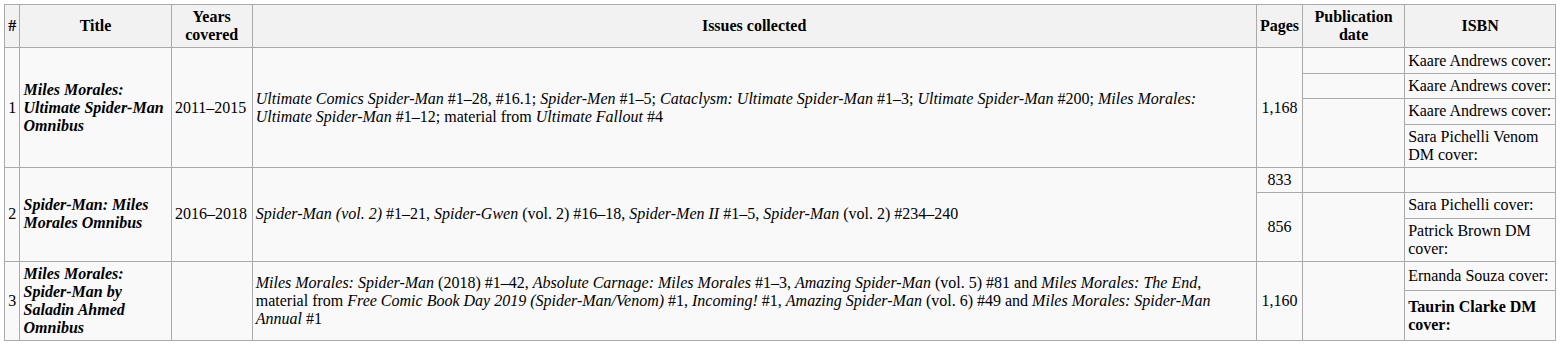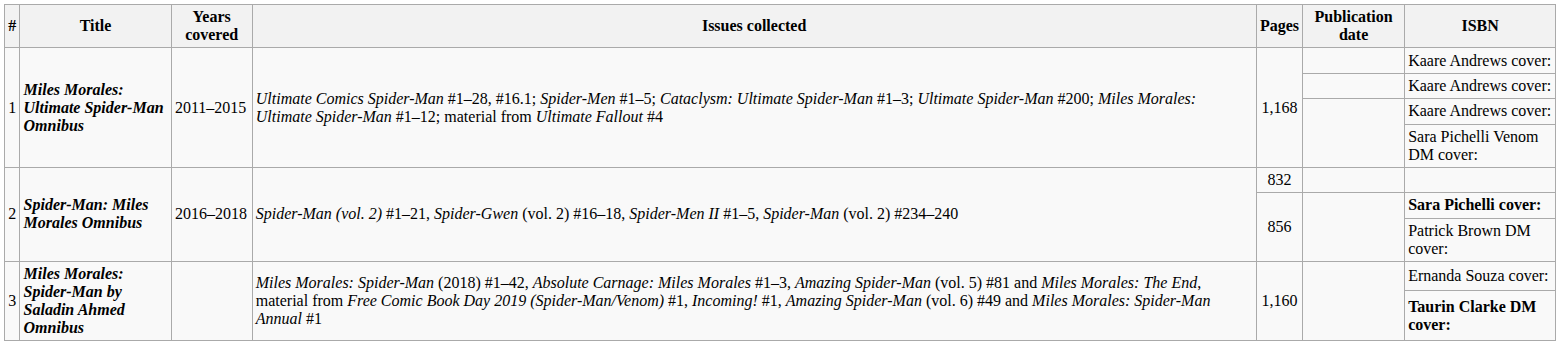 <table class="wikitable sortable" width=98%>
 <tr>
 <th style="width: 4px;">#</th>
 <th style="width: 9em;">Title</th>
 <th>Years covered</th>
 <th>Issues collected</th>
 <th>Pages</th>
 <th>Publication date</th>
 <th class="unsortable" style="width: 9em;">ISBN</th>
 </tr>
 <tr>
 <td rowspan="4">1</td>
 <td rowspan="4"><strong><em>Miles Morales: Ultimate Spider-Man Omnibus</em></strong></td>
 <td rowspan="4">2011–2015</td>
 <td rowspan="4"><em>Ultimate Comics Spider-Man</em> #1–28, #16.1; <em>Spider-Men</em> #1–5; <em>Cataclysm: Ultimate Spider-Man</em> #1–3; <em>Ultimate Spider-Man</em> #200; <em>Miles Morales: Ultimate Spider-Man</em> #1–12; material from <em>Ultimate Fallout</em> #4</td>
 <td rowspan="4" style="text-align: center;">1,168</td>
 <td></td>
 <td>Kaare Andrews cover: </td>
 </tr>
 <tr>
 <td></td>
 <td>Kaare Andrews cover: </td>
 </tr>
 <tr>
 <td rowspan="2"></td>
 <td>Kaare Andrews cover: </td>
 </tr>
 <tr>
 <td>Sara Pichelli Venom DM cover: </td>
 </tr>
 <tr>
 <td rowspan="3">2</td>
 <td rowspan="3"><strong><em>Spider-Man: Miles Morales Omnibus</em></strong></td>
 <td rowspan="3">2016–2018</td>
 <td rowspan="3"><em>Spider-Man (vol. 2)</em> #1–21, <em>Spider-Gwen</em> (vol. 2) #16–18, <em>Spider-Men II</em> #1–5, <em>Spider-Man</em> (vol. 2) #234–240</td>
-<td style="text-align: center;">833</td>
+<td style="text-align: center;">832</td>
 <td></td>
 <td></td>
 </tr>
 <tr>
 <td rowspan="2"  style="text-align: center;">856</td>
 <td rowspan="2"></td>
-<td>Sara Pichelli cover: </td>
+<td><strong>Sara Pichelli cover: </strong></td>
 </tr>
 <tr>
 <td>Patrick Brown DM cover: </td>
 </tr>
 <tr>
 <td rowspan="2">3</td>
 <td rowspan="2"><strong><em>Miles Morales: Spider-Man by Saladin Ahmed Omnibus</em></strong></td>
 <td rowspan="2"></td>
 <td rowspan="2"><em>Miles Morales: Spider-Man</em> (2018) #1–42, <em>Absolute Carnage: Miles Morales</em> #1–3, <em>Amazing Spider-Man</em> (vol. 5) #81 and <em>Miles Morales: The End</em>, material from <em>Free Comic Book Day 2019 (Spider-Man/Venom)</em> #1, <em>Incoming!</em> #1, <em>Amazing Spider-Man</em> (vol. 6) #49 and <em>Miles Morales: Spider-Man Annual</em> #1</td>
 <td rowspan="2" style="text-align: center;">1,160</td>
 <td rowspan="2"></td>
 <td>Ernanda Souza cover: </td>
 </tr>
 <tr>
 <td><strong>Taurin Clarke DM cover: </strong></td>
 </tr>
 </table>
